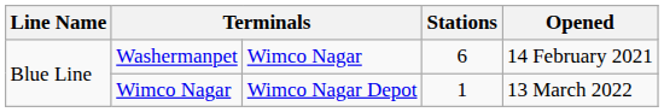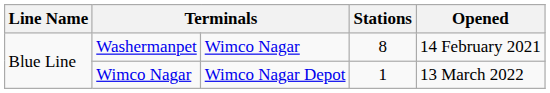 <table class="wikitable sortable" style="font-size:90%;">
 <tr>
 <th>Line Name</th>
 <th colspan="2">Terminals</th>
 <th>Stations</th>
 <th>Opened</th>
 </tr>
 <tr>
 <td rowspan="2" style="background:#"><span>Blue Line</span></td>
 <td><a href='#'>Washermanpet</a></td>
 <td><a href='#'>Wimco Nagar</a></td>
-<td style="text-align:center">6</td>
+<td style="text-align:center">8</td>
 <td>14 February 2021</td>
 </tr>
 <tr>
 <td><a href='#'>Wimco Nagar</a></td>
 <td><a href='#'>Wimco Nagar Depot</a></td>
 <td style="text-align:center">1</td>
 <td>13 March 2022</td>
 </tr>
 </table>
